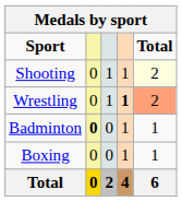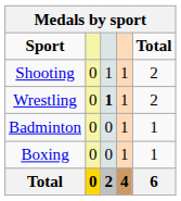 <table class="wikitable" style="font-size:95%; float:right;">
 <tr style="background:#efefef;">
 <th colspan=5>Medals by sport</th>
 </tr>
 <tr align=center>
 <td><strong>Sport</strong></td>
 <td style="background:#f7f6a8;"></td>
 <td style="background:#dce5e5;"></td>
 <td style="background:#ffdab9;"></td>
 <td><strong>Total</strong></td>
 </tr>
 <tr align=center>
 <td><a href='#'>Shooting</a></td>
 <td style="background:#f7f6a8;">0</td>
 <td style="background:#dce5e5;">1</td>
 <td style="background:#ffdab9;">1</td>
-<td style="background: lightyellow;">2</td>
+<td>2</td>
 </tr>
 <tr align=center>
 <td><a href='#'>Wrestling</a></td>
 <td style="background:#f7f6a4;">0</td>
-<td style="background:#dce5e5;">1</td>
-<td style="background:#ffdab9;"><strong>1</strong></td>
-<td style="background: lightsalmon;">2</td>
+<td style="background:#dce5e5;"><strong>1</strong></td>
+<td style="background:#ffdab9;">1</td>
+<td>2</td>
 </tr>
 <tr align=center>
 <td><a href='#'>Badminton</a></td>
-<td style="background:#f7f6a8;"><strong>0</strong></td>
+<td style="background:#f7f6a8;">0</td>
 <td style="background:#dce5e5;">0</td>
 <td style="background:#ffdab9;">1</td>
 <td>1</td>
 </tr>
 <tr align=center>
 <td><a href='#'>Boxing</a></td>
 <td style="background:#f7f6a8;">0</td>
 <td style="background:#dce5e5;">0</td>
 <td style="background:#ffdab9;">1</td>
 <td>1</td>
 </tr>
 <tr align=center>
 <th>Total</th>
 <th style="background:gold;">0</th>
 <th style="background:silver;">2</th>
 <th style="background:#c96;">4</th>
 <th>6</th>
 </tr>
 </table>
